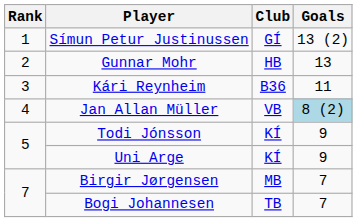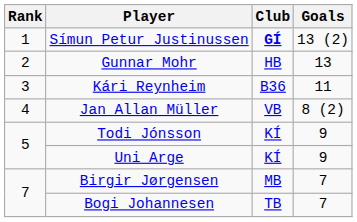 <table class="wikitable" style="text-align: center;">
 <tr>
 <th>Rank</th>
 <th>Player</th>
 <th>Club</th>
 <th>Goals</th>
 </tr>
 <tr>
 <td>1</td>
 <td> <a href='#'>Símun Petur Justinussen</a></td>
-<td><a href='#'>GÍ</a></td>
+<td><strong><a href='#'>GÍ</a></strong></td>
 <td>13 (2)</td>
 </tr>
 <tr>
 <td>2</td>
 <td> <a href='#'>Gunnar Mohr</a></td>
 <td><a href='#'>HB</a></td>
 <td>13</td>
 </tr>
 <tr>
 <td>3</td>
 <td> <a href='#'>Kári Reynheim</a></td>
 <td><a href='#'>B36</a></td>
 <td>11</td>
 </tr>
 <tr>
 <td>4</td>
 <td> <a href='#'>Jan Allan Müller</a></td>
 <td><a href='#'>VB</a></td>
-<td style="background: lightblue;">8 (2)</td>
+<td>8 (2)</td>
 </tr>
 <tr>
 <td rowspan=2>5</td>
 <td> <a href='#'>Todi Jónsson</a></td>
 <td><a href='#'>KÍ</a></td>
 <td>9</td>
 </tr>
 <tr>
 <td> <a href='#'>Uni Arge</a></td>
 <td><a href='#'>KÍ</a></td>
 <td>9</td>
 </tr>
 <tr>
 <td rowspan=2>7</td>
 <td> <a href='#'>Birgir Jørgensen</a></td>
 <td><a href='#'>MB</a></td>
 <td>7</td>
 </tr>
 <tr>
 <td> <a href='#'>Bogi Johannesen</a></td>
 <td><a href='#'>TB</a></td>
 <td>7</td>
 </tr>
 </table>
